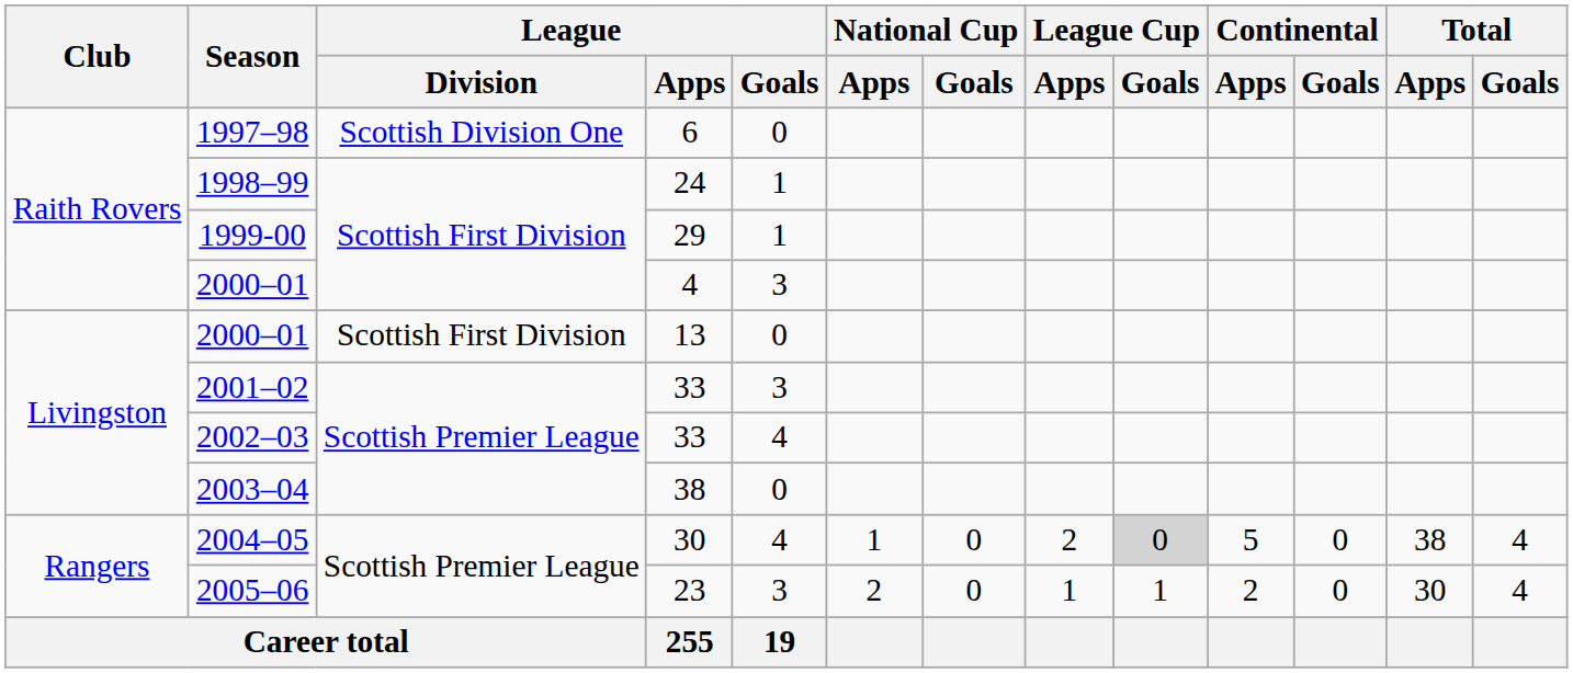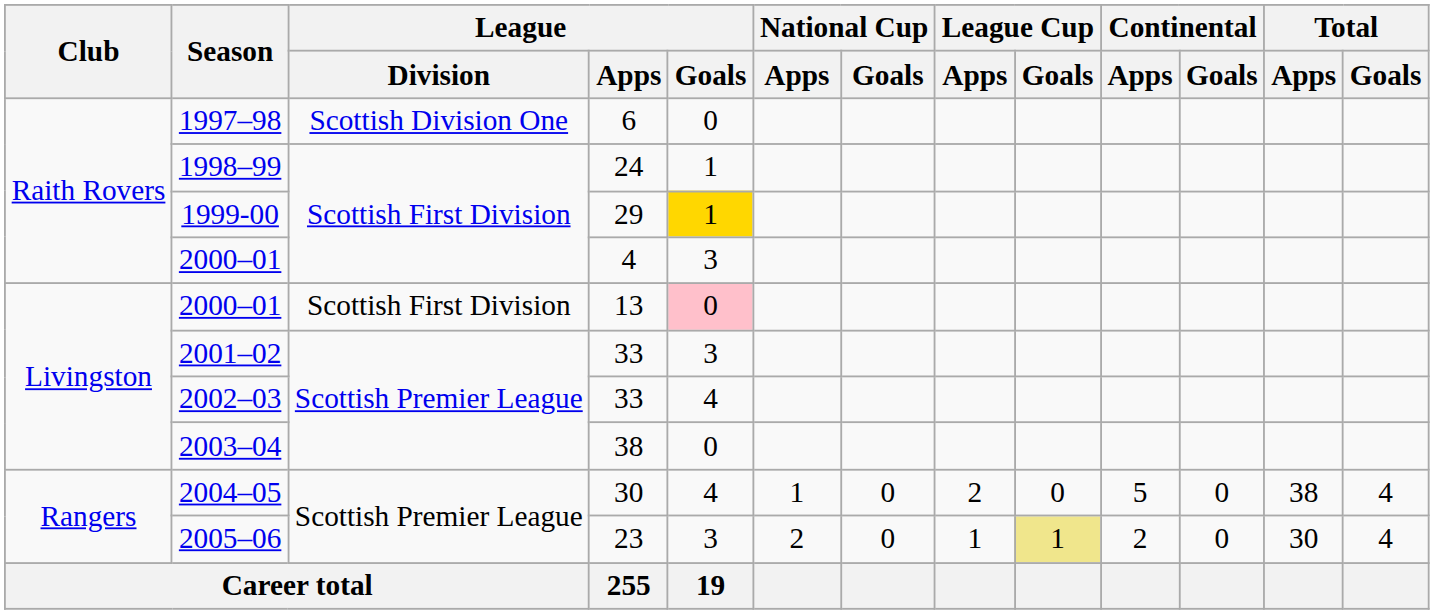 <table class="wikitable" style="text-align:center">
 <tr>
 <th rowspan="2">Club</th>
 <th rowspan="2">Season</th>
 <th colspan="3">League</th>
 <th colspan="2">National Cup</th>
 <th colspan="2">League Cup</th>
 <th colspan="2">Continental</th>
 <th colspan="2">Total</th>
 </tr>
 <tr>
 <th>Division</th>
 <th>Apps</th>
 <th>Goals</th>
 <th>Apps</th>
 <th>Goals</th>
 <th>Apps</th>
 <th>Goals</th>
 <th>Apps</th>
 <th>Goals</th>
 <th>Apps</th>
 <th>Goals</th>
 </tr>
 <tr>
 <td rowspan="4"><a href='#'>Raith Rovers</a></td>
 <td><a href='#'>1997–98</a></td>
 <td><a href='#'>Scottish Division One</a></td>
 <td>6</td>
 <td>0</td>
 <td></td>
 <td></td>
 <td></td>
 <td></td>
 <td></td>
 <td></td>
 <td></td>
 <td></td>
 </tr>
 <tr>
 <td><a href='#'>1998–99</a></td>
 <td rowspan="3"><a href='#'>Scottish First Division</a></td>
 <td>24</td>
 <td>1</td>
 <td></td>
 <td></td>
 <td></td>
 <td></td>
 <td></td>
 <td></td>
 <td></td>
 <td></td>
 </tr>
 <tr>
 <td><a href='#'>1999-00</a></td>
 <td>29</td>
-<td>1</td>
+<td style="background: gold;">1</td>
 <td></td>
 <td></td>
 <td></td>
 <td></td>
 <td></td>
 <td></td>
 <td></td>
 <td></td>
 </tr>
 <tr>
 <td><a href='#'>2000–01</a></td>
 <td>4</td>
 <td>3</td>
 <td></td>
 <td></td>
 <td></td>
 <td></td>
 <td></td>
 <td></td>
 <td></td>
 <td></td>
 </tr>
 <tr>
 <td rowspan="4"><a href='#'>Livingston</a></td>
 <td><a href='#'>2000–01</a></td>
 <td>Scottish First Division</td>
 <td>13</td>
-<td>0</td>
+<td style="background: pink;">0</td>
 <td></td>
 <td></td>
 <td></td>
 <td></td>
 <td></td>
 <td></td>
 <td></td>
 <td></td>
 </tr>
 <tr>
 <td><a href='#'>2001–02</a></td>
 <td rowspan="3"><a href='#'>Scottish Premier League</a></td>
 <td>33</td>
 <td>3</td>
 <td></td>
 <td></td>
 <td></td>
 <td></td>
 <td></td>
 <td></td>
 <td></td>
 <td></td>
 </tr>
 <tr>
 <td><a href='#'>2002–03</a></td>
 <td>33</td>
 <td>4</td>
 <td></td>
 <td></td>
 <td></td>
 <td></td>
 <td></td>
 <td></td>
 <td></td>
 <td></td>
 </tr>
 <tr>
 <td><a href='#'>2003–04</a></td>
 <td>38</td>
 <td>0</td>
 <td></td>
 <td></td>
 <td></td>
 <td></td>
 <td></td>
 <td></td>
 <td></td>
 <td></td>
 </tr>
 <tr>
 <td rowspan="2"><a href='#'>Rangers</a></td>
 <td><a href='#'>2004–05</a></td>
 <td rowspan="2">Scottish Premier League</td>
 <td>30</td>
 <td>4</td>
 <td>1</td>
 <td>0</td>
 <td>2</td>
-<td style="background: lightgrey;">0</td>
+<td>0</td>
 <td>5</td>
 <td>0</td>
 <td>38</td>
 <td>4</td>
 </tr>
 <tr>
 <td><a href='#'>2005–06</a></td>
 <td>23</td>
 <td>3</td>
 <td>2</td>
 <td>0</td>
 <td>1</td>
-<td>1</td>
+<td style="background: khaki;">1</td>
 <td>2</td>
 <td>0</td>
 <td>30</td>
 <td>4</td>
 </tr>
 <tr>
 <th colspan="3">Career total</th>
 <th>255</th>
 <th>19</th>
 <th></th>
 <th></th>
 <th></th>
 <th></th>
 <th></th>
 <th></th>
 <th></th>
 <th></th>
 </tr>
 </table>
